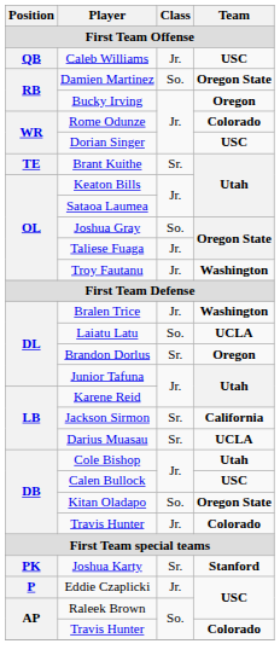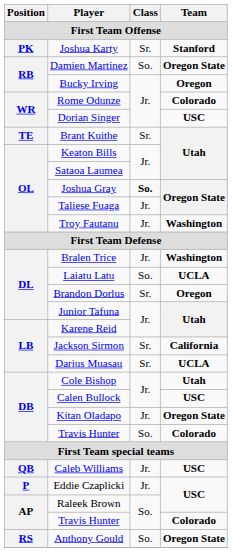 <table class="wikitable">
 <tr>
 <th>Position</th>
 <th>Player</th>
 <th>Class</th>
 <th>Team</th>
 </tr>
 <tr>
 <td colspan="4" style="text-align:center; background:#ddd;"><strong>First Team Offense</strong></td>
 </tr>
 <tr style="text-align:center;">
-<th rowspan="1"><a href='#'>QB</a></th>
-<td><a href='#'>Caleb Williams</a></td>
-<td>Jr.</td>
-<td><strong>USC</strong></td>
+<th rowspan="1"><a href='#'>PK</a></th>
+<td><a href='#'>Joshua Karty</a></td>
+<td>Sr.</td>
+<td><strong>Stanford</strong></td>
 </tr>
 <tr style="text-align:center;">
 <th rowspan="2"><a href='#'>RB</a></th>
 <td><a href='#'>Damien Martinez</a></td>
 <td>So.</td>
 <td><strong>Oregon State</strong></td>
 </tr>
 <tr style="text-align:center;">
 <td><a href='#'>Bucky Irving</a></td>
 <td rowspan="3">Jr.</td>
 <td><strong>Oregon</strong></td>
 </tr>
 <tr style="text-align:center;">
 <th rowspan="2"><a href='#'>WR</a></th>
 <td><a href='#'>Rome Odunze</a></td>
 <td><strong>Colorado</strong></td>
 </tr>
 <tr style="text-align:center;">
 <td><a href='#'>Dorian Singer</a></td>
 <td><strong>USC</strong></td>
 </tr>
 <tr style="text-align:center;">
 <th rowspan="1"><a href='#'>TE</a></th>
 <td><a href='#'>Brant Kuithe</a></td>
 <td>Sr.</td>
 <th rowspan="3"><strong>Utah</strong></th>
 </tr>
 <tr style="text-align:center;">
 <th rowspan="5"><a href='#'>OL</a></th>
 <td><a href='#'>Keaton Bills</a></td>
 <td rowspan="2">Jr.</td>
 </tr>
 <tr style="text-align:center;">
 <td><a href='#'>Sataoa Laumea</a></td>
 </tr>
 <tr style="text-align:center;">
 <td><a href='#'>Joshua Gray</a></td>
-<td> So.</td>
+<td><strong> So.</strong></td>
 <th rowspan="2"><strong>Oregon State</strong></th>
 </tr>
 <tr style="text-align:center;">
 <td><a href='#'>Taliese Fuaga</a></td>
 <td> Jr.</td>
 </tr>
 <tr style="text-align:center;">
 <td><a href='#'>Troy Fautanu</a></td>
 <td>Jr.</td>
 <td><strong>Washington</strong></td>
 </tr>
 <tr style="text-align:center;">
 <td colspan="4" style="text-align:center; background:#ddd;"><strong>First Team Defense</strong></td>
 </tr>
 <tr style="text-align:center;">
 <th rowspan="4"><a href='#'>DL</a></th>
 <td><a href='#'>Bralen Trice</a></td>
 <td>Jr.</td>
 <td><strong>Washington</strong></td>
 </tr>
 <tr style="text-align:center;">
 <td><a href='#'>Laiatu Latu</a></td>
 <td>So.</td>
 <td><strong>UCLA</strong></td>
 </tr>
 <tr style="text-align:center;">
 <td><a href='#'>Brandon Dorlus</a></td>
 <td>Sr.</td>
 <td><strong>Oregon</strong></td>
 </tr>
 <tr style="text-align:center;">
 <td><a href='#'>Junior Tafuna</a></td>
 <td rowspan="2">Jr.</td>
 <th rowspan="2"><strong>Utah</strong></th>
 </tr>
 <tr style="text-align:center;">
 <th rowspan="3"><a href='#'>LB</a></th>
 <td><a href='#'>Karene Reid</a></td>
 </tr>
 <tr style="text-align:center;">
 <td><a href='#'>Jackson Sirmon</a></td>
 <td> Sr.</td>
 <td><strong>California</strong></td>
 </tr>
 <tr style="text-align:center;">
 <td><a href='#'>Darius Muasau</a></td>
 <td>Sr.</td>
 <td><strong>UCLA</strong></td>
 </tr>
 <tr style="text-align:center;">
 <th rowspan="4"><a href='#'>DB</a></th>
 <td><a href='#'>Cole Bishop</a></td>
 <td rowspan="2">Jr.</td>
 <td><strong>Utah</strong></td>
 </tr>
 <tr style="text-align:center;">
 <td><a href='#'>Calen Bullock</a></td>
 <td><strong>USC</strong></td>
 </tr>
 <tr style="text-align:center;">
 <td><a href='#'>Kitan Oladapo</a></td>
-<td>So.</td>
+<td> Jr.</td>
 <td><strong>Oregon State</strong></td>
 </tr>
 <tr style="text-align:center;">
 <td><a href='#'>Travis Hunter</a></td>
-<td> Jr.</td>
+<td>So.</td>
 <td><strong>Colorado</strong></td>
 </tr>
 <tr>
 <td colspan="4" style="text-align:center; background:#ddd;"><strong>First Team special teams</strong></td>
 </tr>
 <tr style="text-align:center;">
-<th rowspan="1"><a href='#'>PK</a></th>
-<td><a href='#'>Joshua Karty</a></td>
-<td>Sr.</td>
-<td><strong>Stanford</strong></td>
+<th rowspan="1"><a href='#'>QB</a></th>
+<td><a href='#'>Caleb Williams</a></td>
+<td>Jr.</td>
+<td><strong>USC</strong></td>
 </tr>
 <tr style="text-align:center;">
 <th rowspan="1"><a href='#'>P</a></th>
 <td>Eddie Czaplicki</td>
 <td>Jr.</td>
 <td rowspan="2"><strong>USC</strong></td>
 </tr>
 <tr style="text-align:center;">
 <th rowspan="2">AP</th>
 <td>Raleek Brown</td>
 <td rowspan="2">So.</td>
 </tr>
 <tr style="text-align:center;">
 <td><a href='#'>Travis Hunter</a></td>
 <td><strong>Colorado</strong></td>
 </tr>
+<tr style="text-align:center;">
+<th rowspan="1"><a href='#'>RS</a></th>
+<td><a href='#'>Anthony Gould</a></td>
+<td> So.</td>
+<td><strong>Oregon State</strong></td>
+</tr>
 <tr>
 </tr>
 </table>
